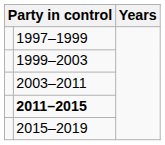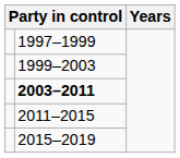 <table class="wikitable">
 <tr>
 <th colspan="2">Party in control</th>
 <th>Years</th>
 </tr>
 <tr>
 <td></td>
 <td>1997–1999</td>
 </tr>
 <tr>
 <td></td>
 <td>1999–2003</td>
 </tr>
 <tr>
 <td></td>
-<td>2003–2011</td>
+<td><strong>2003–2011</strong></td>
 </tr>
 <tr>
 <td></td>
-<td><strong>2011–2015</strong></td>
+<td>2011–2015</td>
 </tr>
 <tr>
 <td></td>
 <td>2015–2019</td>
 </tr>
 </table>
